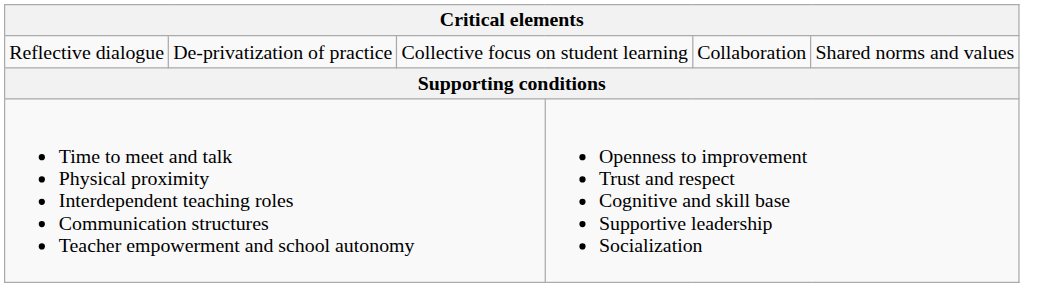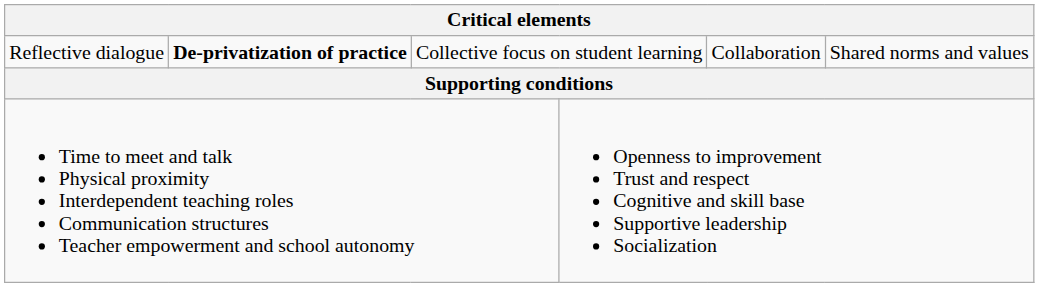 <table class="wikitable">
 <tr>
 <th colspan="6">Critical elements</th>
 </tr>
 <tr>
 <td>Reflective dialogue</td>
-<td>De-privatization of practice</td>
+<td><strong>De-privatization of practice</strong></td>
 <td colspan="2">Collective focus on student learning</td>
 <td>Collaboration</td>
 <td>Shared norms and values</td>
 </tr>
 <tr>
 <th colspan="6">Supporting conditions</th>
 </tr>
 <tr>
 <td colspan="3"><br><ul><li>Time to meet and talk</li><li>Physical proximity</li><li>Interdependent teaching roles</li><li>Communication structures</li><li>Teacher empowerment and school autonomy</li></ul></td>
 <td colspan="3"><br><ul><li>Openness to improvement</li><li>Trust and respect</li><li>Cognitive and skill base</li><li>Supportive leadership</li><li>Socialization</li></ul></td>
 </tr>
 </table>
